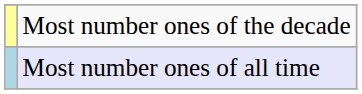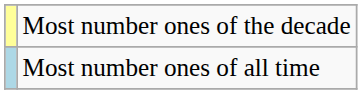 <table class="wikitable plainrowheaders" style="font-size:90%;">
 <tr>
 <td bgcolor=#FFFF99 align=center></td>
 <td>Most number ones of the decade</td>
 </tr>
 <tr>
 <td bgcolor=lightblue align=center></td>
-<td style="background: lavender;">Most number ones of all time</td>
+<td>Most number ones of all time</td>
 </tr>
 </table>
